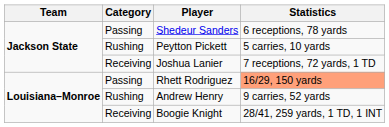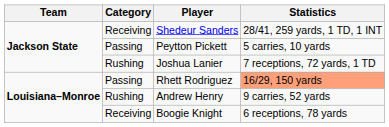 <table class="wikitable" style="float: left;">
 <tr>
 <th>Team</th>
 <th>Category</th>
 <th>Player</th>
 <th>Statistics</th>
 </tr>
 <tr>
 <td rowspan=3><strong>Jackson State</strong></td>
-<td>Passing</td>
+<td>Receiving</td>
 <td><a href='#'>Shedeur Sanders</a></td>
-<td>6 receptions, 78 yards</td>
+<td>28/41, 259 yards, 1 TD, 1 INT</td>
 </tr>
 <tr>
-<td>Rushing</td>
+<td>Passing</td>
 <td>Peytton Pickett</td>
 <td>5 carries, 10 yards</td>
 </tr>
 <tr>
-<td>Receiving</td>
+<td>Rushing</td>
 <td>Joshua Lanier</td>
 <td>7 receptions, 72 yards, 1 TD</td>
 </tr>
 <tr>
 <td rowspan=3><strong>Louisiana–Monroe</strong></td>
 <td>Passing</td>
 <td>Rhett Rodriguez</td>
 <td style="background: lightsalmon;">16/29, 150 yards</td>
 </tr>
 <tr>
 <td>Rushing</td>
 <td>Andrew Henry</td>
 <td>9 carries, 52 yards</td>
 </tr>
 <tr>
 <td>Receiving</td>
 <td>Boogie Knight</td>
-<td>28/41, 259 yards, 1 TD, 1 INT</td>
+<td>6 receptions, 78 yards</td>
 </tr>
 </table>
